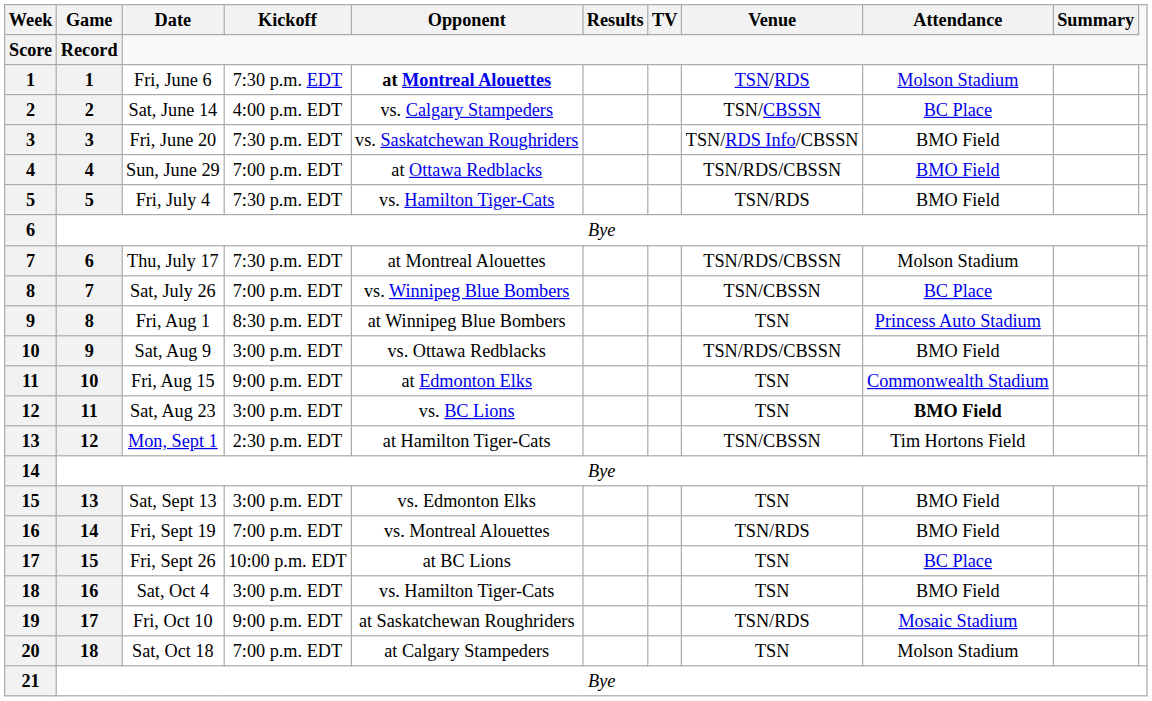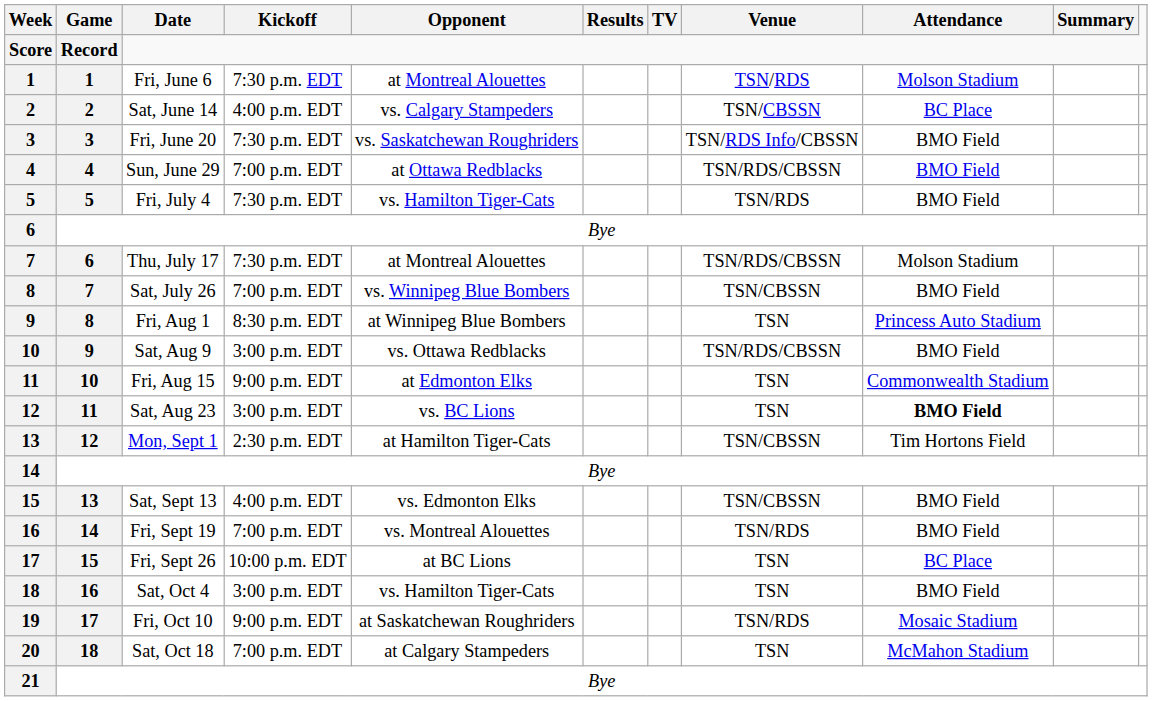 <table class="wikitable" style="font-size: 95%;">
 <tr>
 <th scope="col">Week</th>
 <th scope="col">Game</th>
 <th scope="col">Date</th>
 <th scope="col">Kickoff</th>
 <th scope="col">Opponent</th>
 <th scope="col">Results</th>
 <th scope="col">TV</th>
 <th scope="col">Venue</th>
 <th scope="col">Attendance</th>
 <th scope="col">Summary</th>
 </tr>
 <tr>
 <th scope="col">Score</th>
 <th scope="col">Record</th>
 </tr>
 <tr align="center"= bgcolor="ffffff">
 <th align="center"><strong>1</strong></th>
 <th align="center"><strong>1</strong></th>
 <td align="center">Fri, June 6</td>
 <td align="center">7:30 p.m. <a href='#'>EDT</a></td>
-<td align="center"><strong>at <a href='#'>Montreal Alouettes</a></strong></td>
+<td align="center">at <a href='#'>Montreal Alouettes</a></td>
 <td align="center"></td>
 <td align="center"></td>
 <td align="center"><a href='#'>TSN</a>/<a href='#'>RDS</a></td>
 <td align="center"><a href='#'>Molson Stadium</a></td>
 <td align="center"></td>
 <td align="center"></td>
 </tr>
 <tr align="center"= bgcolor="ffffff">
 <th align="center"><strong>2</strong></th>
 <th align="center"><strong>2</strong></th>
 <td align="center">Sat, June 14</td>
 <td align="center">4:00 p.m. EDT</td>
 <td align="center">vs. <a href='#'>Calgary Stampeders</a></td>
 <td align="center"></td>
 <td align="center"></td>
 <td align="center">TSN/<a href='#'>CBSSN</a></td>
 <td align="center"><a href='#'>BC Place</a></td>
 <td align="center"></td>
 <td align="center"></td>
 </tr>
 <tr align="center"= bgcolor="ffffff">
 <th align="center"><strong>3</strong></th>
 <th align="center"><strong>3</strong></th>
 <td align="center">Fri, June 20</td>
 <td align="center">7:30 p.m. EDT</td>
 <td align="center">vs. <a href='#'>Saskatchewan Roughriders</a></td>
 <td align="center"></td>
 <td align="center"></td>
 <td align="center">TSN/<a href='#'>RDS Info</a>/CBSSN</td>
 <td align="center">BMO Field</td>
 <td align="center"></td>
 <td align="center"></td>
 </tr>
 <tr align="center"= bgcolor="ffffff">
 <th align="center"><strong>4</strong></th>
 <th align="center"><strong>4</strong></th>
 <td align="center">Sun, June 29</td>
 <td align="center">7:00 p.m. EDT</td>
 <td align="center">at <a href='#'>Ottawa Redblacks</a></td>
 <td align="center"></td>
 <td align="center"></td>
 <td align="center">TSN/RDS/CBSSN</td>
 <td align="center"><a href='#'>BMO Field</a></td>
 <td align="center"></td>
 <td align="center"></td>
 </tr>
 <tr align="center"= bgcolor="ffffff">
 <th align="center"><strong>5</strong></th>
 <th align="center"><strong>5</strong></th>
 <td align="center">Fri, July 4</td>
 <td align="center">7:30 p.m. EDT</td>
 <td align="center">vs. <a href='#'>Hamilton Tiger-Cats</a></td>
 <td align="center"></td>
 <td align="center"></td>
 <td align="center">TSN/RDS</td>
 <td align="center">BMO Field</td>
 <td align="center"></td>
 <td align="center"></td>
 </tr>
 <tr align="center"= bgcolor="ffffff">
 <th align="center"><strong>6</strong></th>
 <td colspan=10 align="center" valign="middle"><em>Bye</em></td>
 </tr>
 <tr align="center"= bgcolor="ffffff">
 <th align="center"><strong>7</strong></th>
 <th align="center"><strong>6</strong></th>
 <td align="center">Thu, July 17</td>
 <td align="center">7:30 p.m. EDT</td>
 <td align="center">at Montreal Alouettes</td>
 <td align="center"></td>
 <td align="center"></td>
 <td align="center">TSN/RDS/CBSSN</td>
 <td align="center">Molson Stadium</td>
 <td align="center"></td>
 <td align="center"></td>
 </tr>
 <tr align="center"= bgcolor="ffffff">
 <th align="center"><strong>8</strong></th>
 <th align="center"><strong>7</strong></th>
 <td align="center">Sat, July 26</td>
 <td align="center">7:00 p.m. EDT</td>
 <td align="center">vs. <a href='#'>Winnipeg Blue Bombers</a></td>
 <td align="center"></td>
 <td align="center"></td>
 <td align="center">TSN/CBSSN</td>
-<td align="center"><a href='#'>BC Place</a></td>
+<td align="center">BMO Field</td>
 <td align="center"></td>
 <td align="center"></td>
 </tr>
 <tr align="center"= bgcolor="ffffff">
 <th align="center"><strong>9</strong></th>
 <th align="center"><strong>8</strong></th>
 <td align="center">Fri, Aug 1</td>
 <td align="center">8:30 p.m. EDT</td>
 <td align="center">at Winnipeg Blue Bombers</td>
 <td align="center"></td>
 <td align="center"></td>
 <td align="center">TSN</td>
 <td align="center"><a href='#'>Princess Auto Stadium</a></td>
 <td align="center"></td>
 <td align="center"></td>
 </tr>
 <tr align="center"= bgcolor="ffffff">
 <th align="center"><strong>10</strong></th>
 <th align="center"><strong>9</strong></th>
 <td align="center">Sat, Aug 9</td>
 <td align="center">3:00 p.m. EDT</td>
 <td align="center">vs. Ottawa Redblacks</td>
 <td align="center"></td>
 <td align="center"></td>
 <td align="center">TSN/RDS/CBSSN</td>
 <td align="center">BMO Field</td>
 <td align="center"></td>
 <td align="center"></td>
 </tr>
 <tr align="center"= bgcolor="ffffff">
 <th align="center"><strong>11</strong></th>
 <th align="center"><strong>10</strong></th>
 <td align="center">Fri, Aug 15</td>
 <td align="center">9:00 p.m. EDT</td>
 <td align="center">at <a href='#'>Edmonton Elks</a></td>
 <td align="center"></td>
 <td align="center"></td>
 <td align="center">TSN</td>
 <td align="center"><a href='#'>Commonwealth Stadium</a></td>
 <td align="center"></td>
 <td align="center"></td>
 </tr>
 <tr align="center"= bgcolor="ffffff">
 <th align="center"><strong>12</strong></th>
 <th align="center"><strong>11</strong></th>
 <td align="center">Sat, Aug 23</td>
 <td align="center">3:00 p.m. EDT</td>
 <td align="center">vs. <a href='#'>BC Lions</a></td>
 <td align="center"></td>
 <td align="center"></td>
 <td align="center">TSN</td>
 <td align="center"><strong>BMO Field</strong></td>
 <td align="center"></td>
 <td align="center"></td>
 </tr>
 <tr align="center"= bgcolor="ffffff">
 <th align="center"><strong>13</strong></th>
 <th align="center"><strong>12</strong></th>
 <td align="center"><a href='#'>Mon, Sept 1</a></td>
 <td align="center">2:30 p.m. EDT</td>
 <td align="center">at Hamilton Tiger-Cats</td>
 <td align="center"></td>
 <td align="center"></td>
 <td align="center">TSN/CBSSN</td>
 <td align="center">Tim Hortons Field</td>
 <td align="center"></td>
 <td align="center"></td>
 </tr>
 <tr align="center"= bgcolor="ffffff">
 <th align="center"><strong>14</strong></th>
 <td colspan=10 align="center" valign="middle"><em>Bye</em></td>
 </tr>
 <tr align="center"= bgcolor="ffffff">
 <th align="center"><strong>15</strong></th>
 <th align="center"><strong>13</strong></th>
 <td align="center">Sat, Sept 13</td>
-<td align="center">3:00 p.m. EDT</td>
+<td align="center">4:00 p.m. EDT</td>
 <td align="center">vs. Edmonton Elks</td>
 <td align="center"></td>
 <td align="center"></td>
-<td align="center">TSN</td>
+<td align="center">TSN/CBSSN</td>
 <td align="center">BMO Field</td>
 <td align="center"></td>
 <td align="center"></td>
 </tr>
 <tr align="center"= bgcolor="ffffff">
 <th align="center"><strong>16</strong></th>
 <th align="center"><strong>14</strong></th>
 <td align="center">Fri, Sept 19</td>
 <td align="center">7:00 p.m. EDT</td>
 <td align="center">vs. Montreal Alouettes</td>
 <td align="center"></td>
 <td align="center"></td>
 <td align="center">TSN/RDS</td>
 <td align="center">BMO Field</td>
 <td align="center"></td>
 <td align="center"></td>
 </tr>
 <tr align="center"= bgcolor="ffffff">
 <th align="center"><strong>17</strong></th>
 <th align="center"><strong>15</strong></th>
 <td align="center">Fri, Sept 26</td>
 <td align="center">10:00 p.m. EDT</td>
 <td align="center">at BC Lions</td>
 <td align="center"></td>
 <td align="center"></td>
 <td align="center">TSN</td>
 <td align="center"><a href='#'>BC Place</a></td>
 <td align="center"></td>
 <td align="center"></td>
 </tr>
 <tr align="center"= bgcolor="ffffff">
 <th align="center"><strong>18</strong></th>
 <th align="center"><strong>16</strong></th>
 <td align="center">Sat, Oct 4</td>
 <td align="center">3:00 p.m. EDT</td>
 <td align="center">vs. Hamilton Tiger-Cats</td>
 <td align="center"></td>
 <td align="center"></td>
 <td align="center">TSN</td>
 <td align="center">BMO Field</td>
 <td align="center"></td>
 <td align="center"></td>
 </tr>
 <tr align="center"= bgcolor="ffffff">
 <th align="center"><strong>19</strong></th>
 <th align="center"><strong>17</strong></th>
 <td align="center">Fri, Oct 10</td>
 <td align="center">9:00 p.m. EDT</td>
 <td align="center">at Saskatchewan Roughriders</td>
 <td align="center"></td>
 <td align="center"></td>
 <td align="center">TSN/RDS</td>
 <td align="center"><a href='#'>Mosaic Stadium</a></td>
 <td align="center"></td>
 <td align="center"></td>
 </tr>
 <tr align="center"= bgcolor="ffffff">
 <th align="center"><strong>20</strong></th>
 <th align="center"><strong>18</strong></th>
 <td align="center">Sat, Oct 18</td>
 <td align="center">7:00 p.m. EDT</td>
 <td align="center">at Calgary Stampeders</td>
 <td align="center"></td>
 <td align="center"></td>
 <td align="center">TSN</td>
-<td align="center">Molson Stadium</td>
+<td align="center"><a href='#'>McMahon Stadium</a></td>
 <td align="center"></td>
 <td align="center"></td>
 </tr>
 <tr align="center"= bgcolor="ffffff">
 <th align="center"><strong>21</strong></th>
 <td colspan=10 align="center" valign="middle"><em>Bye</em></td>
 </tr>
 </table>
